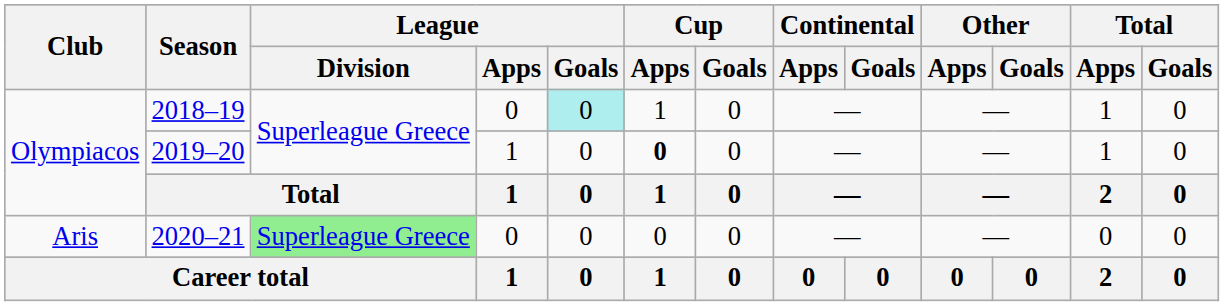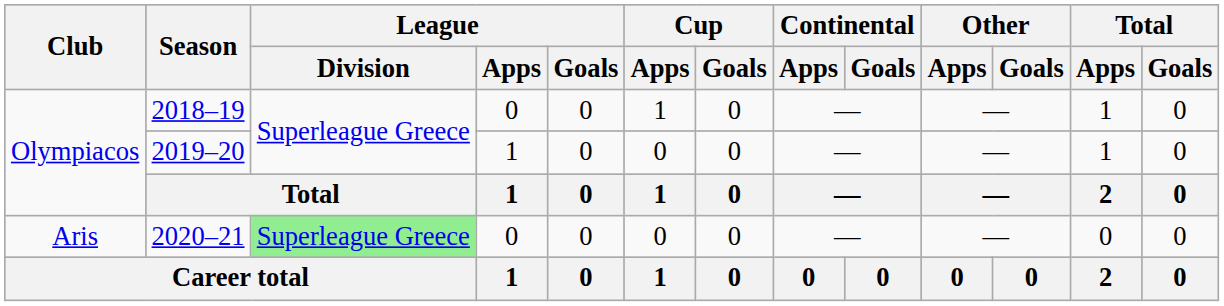 <table class="wikitable" style="text-align:center">
 <tr>
 <th rowspan=2>Club</th>
 <th rowspan=2>Season</th>
 <th colspan=3>League</th>
 <th colspan=2>Cup</th>
 <th colspan=2>Continental</th>
 <th colspan=2>Other</th>
 <th colspan=2>Total</th>
 </tr>
 <tr>
 <th>Division</th>
 <th>Apps</th>
 <th>Goals</th>
 <th>Apps</th>
 <th>Goals</th>
 <th>Apps</th>
 <th>Goals</th>
 <th>Apps</th>
 <th>Goals</th>
 <th>Apps</th>
 <th>Goals</th>
 </tr>
 <tr>
 <td rowspan="3"><a href='#'>Olympiacos</a></td>
 <td><a href='#'>2018–19</a></td>
 <td rowspan="2"><a href='#'>Superleague Greece</a></td>
 <td>0</td>
-<td style="background: paleturquoise;">0</td>
+<td>0</td>
 <td>1</td>
 <td>0</td>
 <td colspan="2">—</td>
 <td colspan="2">—</td>
 <td>1</td>
 <td>0</td>
 </tr>
 <tr>
 <td><a href='#'>2019–20</a></td>
 <td>1</td>
 <td>0</td>
-<td><strong>0</strong></td>
+<td>0</td>
 <td>0</td>
 <td colspan="2">—</td>
 <td colspan="2">—</td>
 <td>1</td>
 <td>0</td>
 </tr>
 <tr>
 <th colspan="2">Total</th>
 <th>1</th>
 <th>0</th>
 <th>1</th>
 <th>0</th>
 <th colspan="2">—</th>
 <th colspan="2">—</th>
 <th>2</th>
 <th>0</th>
 </tr>
 <tr>
 <td><a href='#'>Aris</a></td>
 <td><a href='#'>2020–21</a></td>
 <td style="background: lightgreen;"><a href='#'>Superleague Greece</a></td>
 <td>0</td>
 <td>0</td>
 <td>0</td>
 <td>0</td>
 <td colspan="2">—</td>
 <td colspan="2">—</td>
 <td>0</td>
 <td>0</td>
 </tr>
 <tr>
 <th colspan="3">Career total</th>
 <th>1</th>
 <th>0</th>
 <th>1</th>
 <th>0</th>
 <th>0</th>
 <th>0</th>
 <th>0</th>
 <th>0</th>
 <th>2</th>
 <th>0</th>
 </tr>
 </table>
